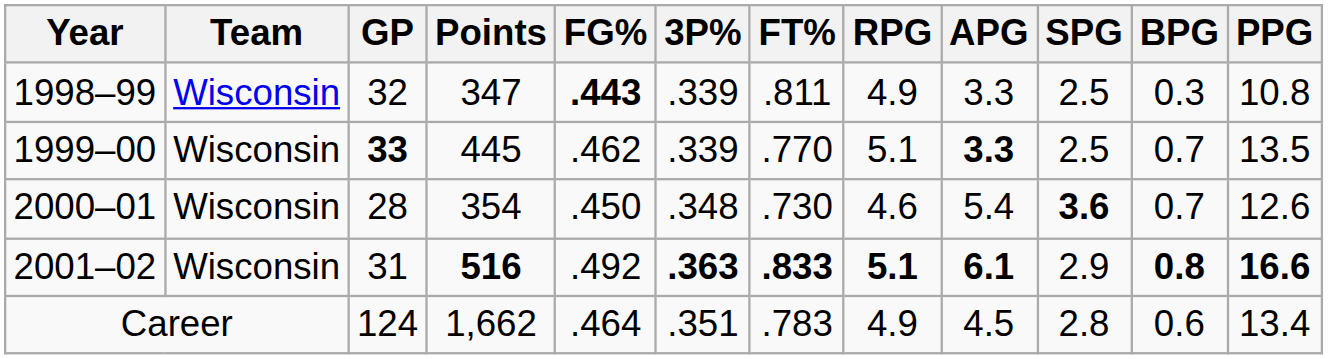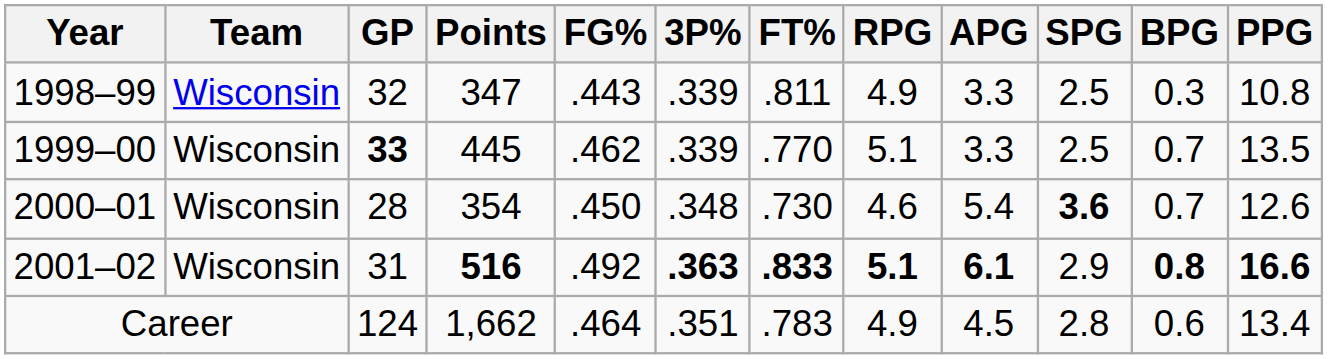 <table class="wikitable"; style="text-align:center">
 <tr>
 <th>Year</th>
 <th>Team</th>
 <th>GP</th>
 <th>Points</th>
 <th>FG%</th>
 <th>3P%</th>
 <th>FT%</th>
 <th>RPG</th>
 <th>APG</th>
 <th>SPG</th>
 <th>BPG</th>
 <th>PPG</th>
 </tr>
 <tr>
 <td>1998–99</td>
 <td><a href='#'>Wisconsin</a></td>
 <td>32</td>
 <td>347</td>
-<td><strong>.443</strong></td>
+<td>.443</td>
 <td>.339</td>
 <td>.811</td>
 <td>4.9</td>
 <td>3.3</td>
 <td>2.5</td>
 <td>0.3</td>
 <td>10.8</td>
 </tr>
 <tr>
 <td>1999–00</td>
 <td>Wisconsin</td>
 <td><strong>33</strong></td>
 <td>445</td>
 <td>.462</td>
 <td>.339</td>
 <td>.770</td>
 <td>5.1</td>
-<td><strong>3.3</strong></td>
+<td>3.3</td>
 <td>2.5</td>
 <td>0.7</td>
 <td>13.5</td>
 </tr>
 <tr>
 <td>2000–01</td>
 <td>Wisconsin</td>
 <td>28</td>
 <td>354</td>
 <td>.450</td>
 <td>.348</td>
 <td>.730</td>
 <td>4.6</td>
 <td>5.4</td>
 <td><strong>3.6</strong></td>
 <td>0.7</td>
 <td>12.6</td>
 </tr>
 <tr>
 <td>2001–02</td>
 <td>Wisconsin</td>
 <td>31</td>
 <td><strong>516</strong></td>
 <td>.492</td>
 <td><strong>.363</strong></td>
 <td><strong>.833</strong></td>
 <td><strong>5.1</strong></td>
 <td><strong>6.1</strong></td>
 <td>2.9</td>
 <td><strong>0.8</strong></td>
 <td><strong>16.6</strong></td>
 </tr>
 <tr>
 <td colspan=2; align=center>Career</td>
 <td>124</td>
 <td>1,662</td>
 <td>.464</td>
 <td>.351</td>
 <td>.783</td>
 <td>4.9</td>
 <td>4.5</td>
 <td>2.8</td>
 <td>0.6</td>
 <td>13.4</td>
 </tr>
 </table>
